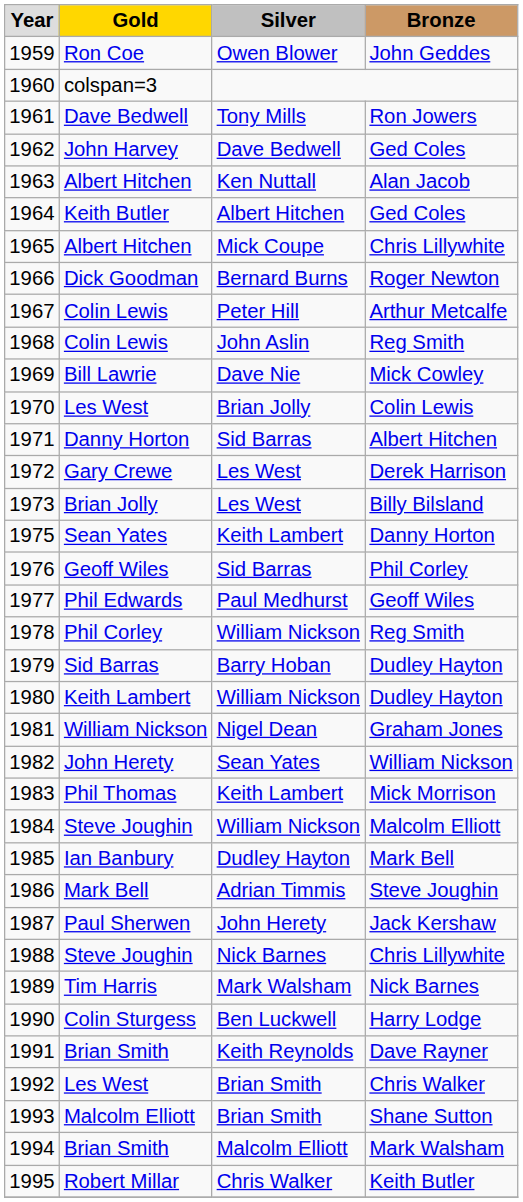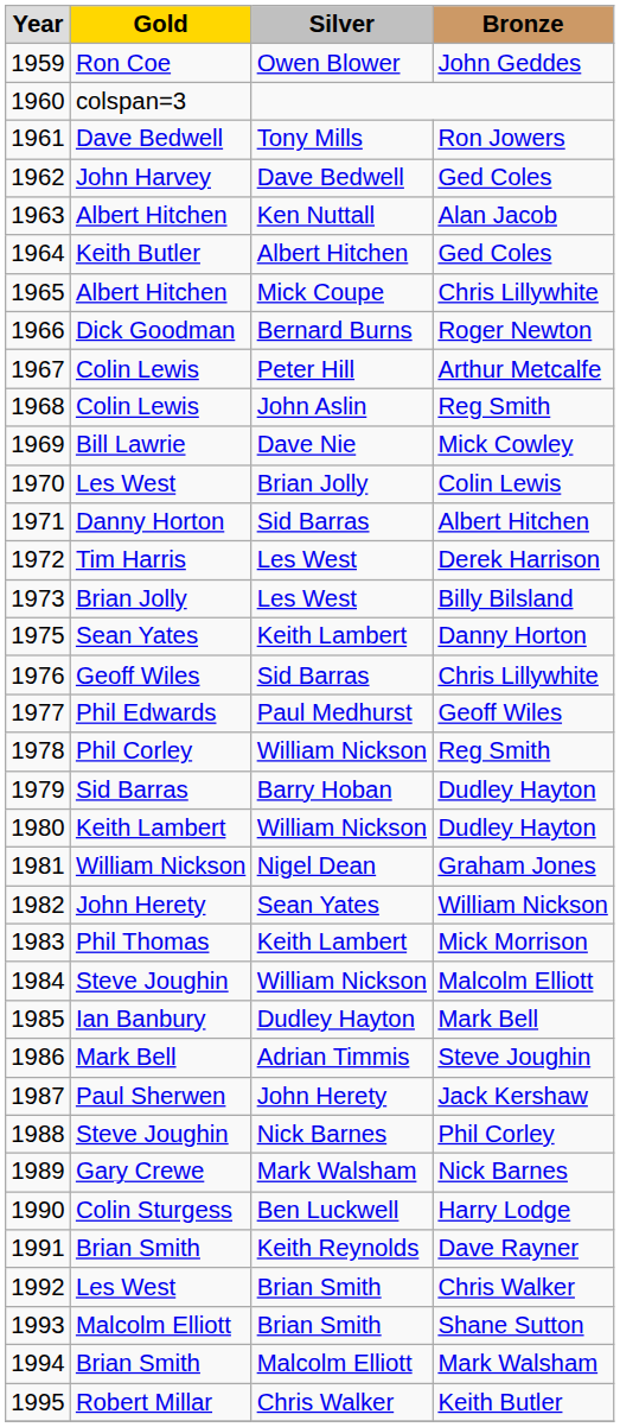 <table class="wikitable" style="text-align:left;">
 <tr style="text-align:center; font-weight:bold;">
 <td style="background:#ddd; ">Year</td>
 <td style="background:gold; ">Gold</td>
 <td style="background:silver; ">Silver</td>
 <td style="background:#c96; ">Bronze</td>
 </tr>
 <tr>
 <td>1959</td>
 <td><a href='#'>Ron Coe</a></td>
 <td><a href='#'>Owen Blower</a></td>
 <td><a href='#'>John Geddes</a></td>
 </tr>
 <tr>
 <td>1960</td>
 <td>colspan=3 </td>
 </tr>
 <tr>
 <td>1961</td>
 <td><a href='#'>Dave Bedwell</a></td>
 <td><a href='#'>Tony Mills</a></td>
 <td><a href='#'>Ron Jowers</a></td>
 </tr>
 <tr>
 <td>1962</td>
 <td><a href='#'>John Harvey</a></td>
 <td><a href='#'>Dave Bedwell</a></td>
 <td><a href='#'>Ged Coles</a></td>
 </tr>
 <tr>
 <td>1963</td>
 <td><a href='#'>Albert Hitchen</a></td>
 <td><a href='#'>Ken Nuttall</a></td>
 <td><a href='#'>Alan Jacob</a></td>
 </tr>
 <tr>
 <td>1964</td>
 <td><a href='#'>Keith Butler</a></td>
 <td><a href='#'>Albert Hitchen</a></td>
 <td><a href='#'>Ged Coles</a></td>
 </tr>
 <tr>
 <td>1965</td>
 <td><a href='#'>Albert Hitchen</a></td>
 <td><a href='#'>Mick Coupe</a></td>
 <td><a href='#'>Chris Lillywhite</a></td>
 </tr>
 <tr>
 <td>1966</td>
 <td><a href='#'>Dick Goodman</a></td>
 <td><a href='#'>Bernard Burns</a></td>
 <td><a href='#'>Roger Newton</a></td>
 </tr>
 <tr>
 <td>1967</td>
 <td><a href='#'>Colin Lewis</a></td>
 <td><a href='#'>Peter Hill</a></td>
 <td><a href='#'>Arthur Metcalfe</a></td>
 </tr>
 <tr>
 <td>1968</td>
 <td><a href='#'>Colin Lewis</a></td>
 <td><a href='#'>John Aslin</a></td>
 <td><a href='#'>Reg Smith</a></td>
 </tr>
 <tr>
 <td>1969</td>
 <td><a href='#'>Bill Lawrie</a></td>
 <td><a href='#'>Dave Nie</a></td>
 <td><a href='#'>Mick Cowley</a></td>
 </tr>
 <tr>
 <td>1970</td>
 <td><a href='#'>Les West</a></td>
 <td><a href='#'>Brian Jolly</a></td>
 <td><a href='#'>Colin Lewis</a></td>
 </tr>
 <tr>
 <td>1971</td>
 <td><a href='#'>Danny Horton</a></td>
 <td><a href='#'>Sid Barras</a></td>
 <td><a href='#'>Albert Hitchen</a></td>
 </tr>
 <tr>
 <td>1972</td>
-<td><a href='#'>Gary Crewe</a></td>
+<td><a href='#'>Tim Harris</a></td>
 <td><a href='#'>Les West</a></td>
 <td><a href='#'>Derek Harrison</a></td>
 </tr>
 <tr>
 <td>1973</td>
 <td><a href='#'>Brian Jolly</a></td>
 <td><a href='#'>Les West</a></td>
 <td><a href='#'>Billy Bilsland</a></td>
 </tr>
 <tr>
 <td>1975</td>
 <td><a href='#'>Sean Yates</a></td>
 <td><a href='#'>Keith Lambert</a></td>
 <td><a href='#'>Danny Horton</a></td>
 </tr>
 <tr>
 <td>1976</td>
 <td><a href='#'>Geoff Wiles</a></td>
 <td><a href='#'>Sid Barras</a></td>
-<td><a href='#'>Phil Corley</a></td>
+<td><a href='#'>Chris Lillywhite</a></td>
 </tr>
 <tr>
 <td>1977</td>
 <td><a href='#'>Phil Edwards</a></td>
 <td><a href='#'>Paul Medhurst</a></td>
 <td><a href='#'>Geoff Wiles</a></td>
 </tr>
 <tr>
 <td>1978</td>
 <td><a href='#'>Phil Corley</a></td>
 <td><a href='#'>William Nickson</a></td>
 <td><a href='#'>Reg Smith</a></td>
 </tr>
 <tr>
 <td>1979</td>
 <td><a href='#'>Sid Barras</a></td>
 <td><a href='#'>Barry Hoban</a></td>
 <td><a href='#'>Dudley Hayton</a></td>
 </tr>
 <tr>
 <td>1980</td>
 <td><a href='#'>Keith Lambert</a></td>
 <td><a href='#'>William Nickson</a></td>
 <td><a href='#'>Dudley Hayton</a></td>
 </tr>
 <tr>
 <td>1981</td>
 <td><a href='#'>William Nickson</a></td>
 <td><a href='#'>Nigel Dean</a></td>
 <td><a href='#'>Graham Jones</a></td>
 </tr>
 <tr>
 <td>1982</td>
 <td><a href='#'>John Herety</a></td>
 <td><a href='#'>Sean Yates</a></td>
 <td><a href='#'>William Nickson</a></td>
 </tr>
 <tr>
 <td>1983</td>
 <td><a href='#'>Phil Thomas</a></td>
 <td><a href='#'>Keith Lambert</a></td>
 <td><a href='#'>Mick Morrison</a></td>
 </tr>
 <tr>
 <td>1984</td>
 <td><a href='#'>Steve Joughin</a></td>
 <td><a href='#'>William Nickson</a></td>
 <td><a href='#'>Malcolm Elliott</a></td>
 </tr>
 <tr>
 <td>1985</td>
 <td><a href='#'>Ian Banbury</a></td>
 <td><a href='#'>Dudley Hayton</a></td>
 <td><a href='#'>Mark Bell</a></td>
 </tr>
 <tr>
 <td>1986</td>
 <td><a href='#'>Mark Bell</a></td>
 <td><a href='#'>Adrian Timmis</a></td>
 <td><a href='#'>Steve Joughin</a></td>
 </tr>
 <tr>
 <td>1987</td>
 <td><a href='#'>Paul Sherwen</a></td>
 <td><a href='#'>John Herety</a></td>
 <td><a href='#'>Jack Kershaw</a></td>
 </tr>
 <tr>
 <td>1988</td>
 <td><a href='#'>Steve Joughin</a></td>
 <td><a href='#'>Nick Barnes</a></td>
-<td><a href='#'>Chris Lillywhite</a></td>
+<td><a href='#'>Phil Corley</a></td>
 </tr>
 <tr>
 <td>1989</td>
-<td><a href='#'>Tim Harris</a></td>
+<td><a href='#'>Gary Crewe</a></td>
 <td><a href='#'>Mark Walsham</a></td>
 <td><a href='#'>Nick Barnes</a></td>
 </tr>
 <tr>
 <td>1990</td>
 <td><a href='#'>Colin Sturgess</a></td>
 <td><a href='#'>Ben Luckwell</a></td>
 <td><a href='#'>Harry Lodge</a></td>
 </tr>
 <tr>
 <td>1991</td>
 <td><a href='#'>Brian Smith</a></td>
 <td><a href='#'>Keith Reynolds</a></td>
 <td><a href='#'>Dave Rayner</a></td>
 </tr>
 <tr>
 <td>1992</td>
 <td><a href='#'>Les West</a></td>
 <td><a href='#'>Brian Smith</a></td>
 <td><a href='#'>Chris Walker</a></td>
 </tr>
 <tr>
 <td>1993</td>
 <td><a href='#'>Malcolm Elliott</a></td>
 <td><a href='#'>Brian Smith</a></td>
 <td><a href='#'>Shane Sutton</a></td>
 </tr>
 <tr>
 <td>1994</td>
 <td><a href='#'>Brian Smith</a></td>
 <td><a href='#'>Malcolm Elliott</a></td>
 <td><a href='#'>Mark Walsham</a></td>
 </tr>
 <tr>
 <td>1995</td>
 <td><a href='#'>Robert Millar</a></td>
 <td><a href='#'>Chris Walker</a></td>
 <td><a href='#'>Keith Butler</a></td>
 </tr>
 <tr>
 </tr>
 </table>
